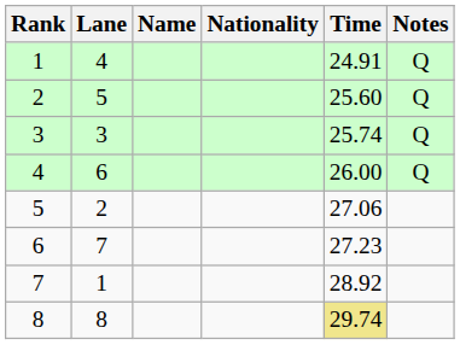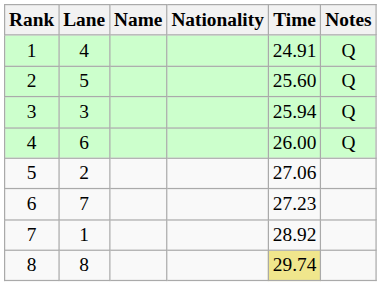 <table class="wikitable sortable" style="text-align:center">
 <tr>
 <th>Rank</th>
 <th>Lane</th>
 <th>Name</th>
 <th>Nationality</th>
 <th>Time</th>
 <th>Notes</th>
 </tr>
 <tr bgcolor="ccffcc">
 <td>1</td>
 <td>4</td>
 <td align="left"></td>
 <td align="left"></td>
 <td>24.91</td>
 <td>Q</td>
 </tr>
 <tr bgcolor="ccffcc">
 <td>2</td>
 <td>5</td>
 <td align="left"></td>
 <td align="left"></td>
 <td>25.60</td>
 <td>Q</td>
 </tr>
 <tr bgcolor="ccffcc">
 <td>3</td>
 <td>3</td>
 <td align="left"></td>
 <td align="left"></td>
-<td>25.74</td>
+<td>25.94</td>
 <td>Q</td>
 </tr>
 <tr bgcolor="ccffcc">
 <td>4</td>
 <td>6</td>
 <td align="left"></td>
 <td align="left"></td>
 <td>26.00</td>
 <td>Q</td>
 </tr>
 <tr>
 <td>5</td>
 <td>2</td>
 <td align="left"></td>
 <td align="left"></td>
 <td>27.06</td>
 <td></td>
 </tr>
 <tr>
 <td>6</td>
 <td>7</td>
 <td align="left"></td>
 <td align="left"></td>
 <td>27.23</td>
 <td></td>
 </tr>
 <tr>
 <td>7</td>
 <td>1</td>
 <td align="left"></td>
 <td align="left"></td>
 <td>28.92</td>
 <td></td>
 </tr>
 <tr>
 <td>8</td>
 <td>8</td>
 <td align="left"></td>
 <td align="left"></td>
 <td style="background: khaki;">29.74</td>
 <td></td>
 </tr>
 </table>
